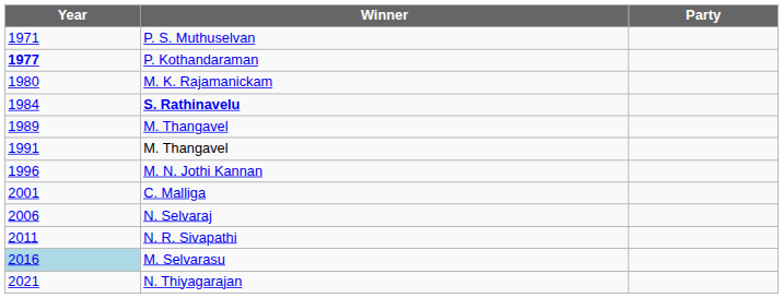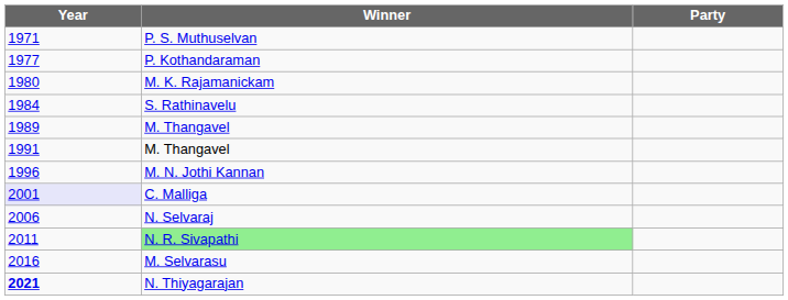 <table class="wikitable" width="70%">
 <tr>
 <th style="background-color:#666666; color:white">Year</th>
 <th style="background-color:#666666; color:white">Winner</th>
 <th style="background-color:#666666; color:white" colspan="2">Party</th>
 </tr>
 <tr>
 <td><a href='#'>1971</a></td>
 <td><a href='#'>P. S. Muthuselvan</a></td>
 <td></td>
 </tr>
 <tr>
-<td><strong><a href='#'>1977</a></strong></td>
+<td><a href='#'>1977</a></td>
 <td><a href='#'>P. Kothandaraman</a></td>
 <td></td>
 </tr>
 <tr>
 <td><a href='#'>1980</a></td>
 <td><a href='#'>M. K. Rajamanickam</a></td>
 <td></td>
 </tr>
 <tr>
 <td><a href='#'>1984</a></td>
-<td><strong><a href='#'>S. Rathinavelu</a></strong></td>
+<td><a href='#'>S. Rathinavelu</a></td>
 <td></td>
 </tr>
 <tr>
 <td><a href='#'>1989</a></td>
 <td><a href='#'>M. Thangavel</a></td>
 <td></td>
 </tr>
 <tr>
 <td><a href='#'>1991</a></td>
 <td>M. Thangavel</td>
 <td></td>
 </tr>
 <tr>
 <td><a href='#'>1996</a></td>
 <td><a href='#'>M. N. Jothi Kannan</a></td>
 <td></td>
 </tr>
 <tr>
-<td><a href='#'>2001</a></td>
+<td style="background: lavender;"><a href='#'>2001</a></td>
 <td><a href='#'>C. Malliga</a></td>
 <td></td>
 </tr>
 <tr>
 <td><a href='#'>2006</a></td>
 <td><a href='#'>N. Selvaraj</a></td>
 <td></td>
 </tr>
 <tr>
 <td><a href='#'>2011</a></td>
-<td><a href='#'>N. R. Sivapathi</a></td>
+<td style="background: lightgreen;"><a href='#'>N. R. Sivapathi</a></td>
 <td></td>
 </tr>
 <tr>
-<td style="background: lightblue;"><a href='#'>2016</a></td>
+<td><a href='#'>2016</a></td>
 <td><a href='#'>M. Selvarasu</a></td>
 <td></td>
 </tr>
 <tr>
-<td><a href='#'>2021</a></td>
+<td><strong><a href='#'>2021</a></strong></td>
 <td><a href='#'>N. Thiyagarajan</a></td>
 <td></td>
 </tr>
 </table>
